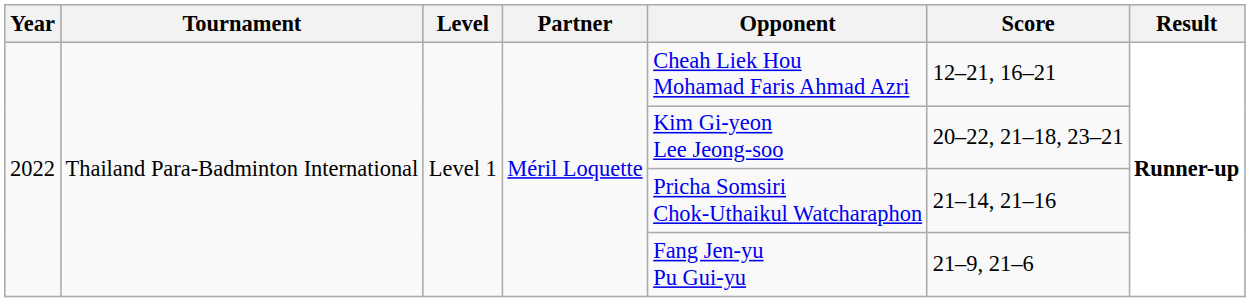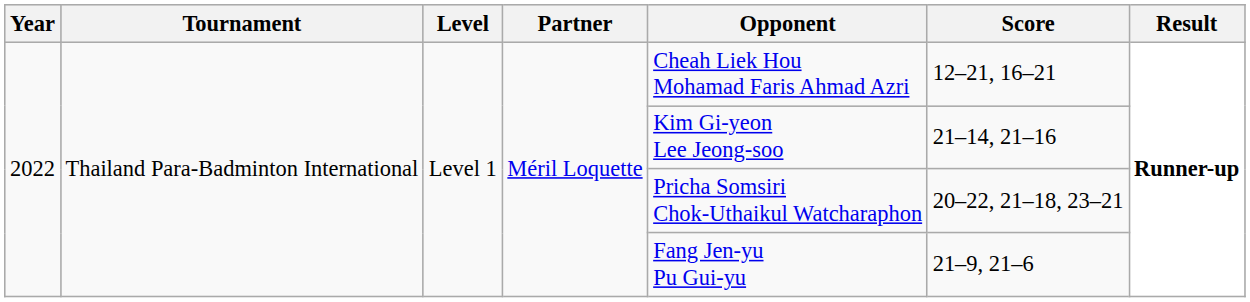 <table class="sortable wikitable" style="font-size: 90%;">
 <tr>
 <th>Year</th>
 <th>Tournament</th>
 <th>Level</th>
 <th>Partner</th>
 <th>Opponent</th>
 <th>Score</th>
 <th>Result</th>
 </tr>
 <tr>
 <td rowspan="4" align="center">2022</td>
 <td rowspan="4" align="left">Thailand Para-Badminton International</td>
 <td rowspan="4" align="left">Level 1</td>
 <td rowspan="4" align="left"> <a href='#'>Méril Loquette</a></td>
 <td align="left"> <a href='#'>Cheah Liek Hou</a><br> <a href='#'>Mohamad Faris Ahmad Azri</a></td>
 <td align="left">12–21, 16–21</td>
 <td rowspan="4" style="text-align:left; background:white"> <strong>Runner-up</strong></td>
 </tr>
 <tr>
 <td align="left"> <a href='#'>Kim Gi-yeon</a><br> <a href='#'>Lee Jeong-soo</a></td>
-<td align="left">20–22, 21–18, 23–21</td>
+<td align="left">21–14, 21–16</td>
 </tr>
 <tr>
 <td align="left"> <a href='#'>Pricha Somsiri</a><br> <a href='#'>Chok-Uthaikul Watcharaphon</a></td>
-<td align="left">21–14, 21–16</td>
+<td align="left">20–22, 21–18, 23–21</td>
 </tr>
 <tr>
 <td align="left"> <a href='#'>Fang Jen-yu</a><br> <a href='#'>Pu Gui-yu</a></td>
 <td align="left">21–9, 21–6</td>
 </tr>
 </table>
